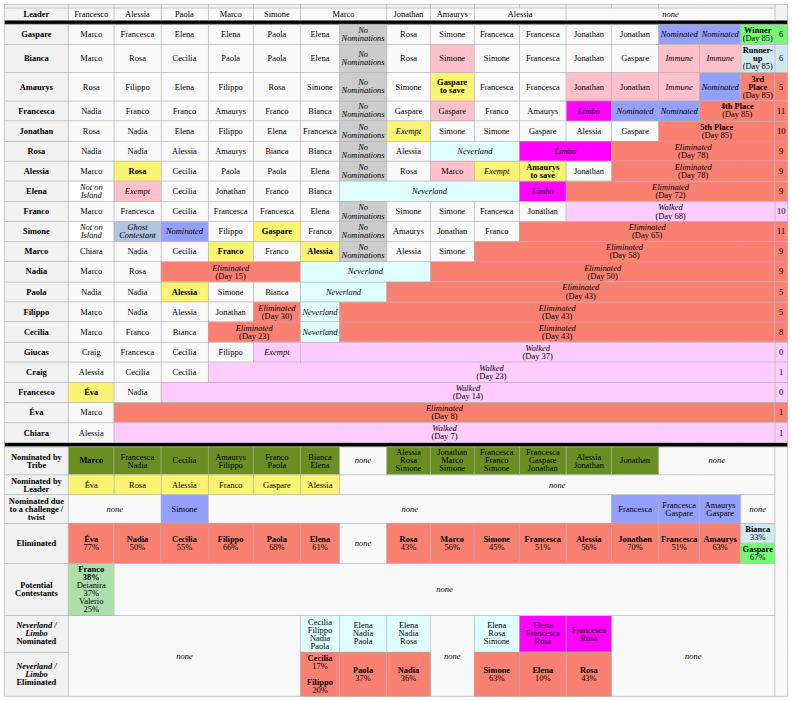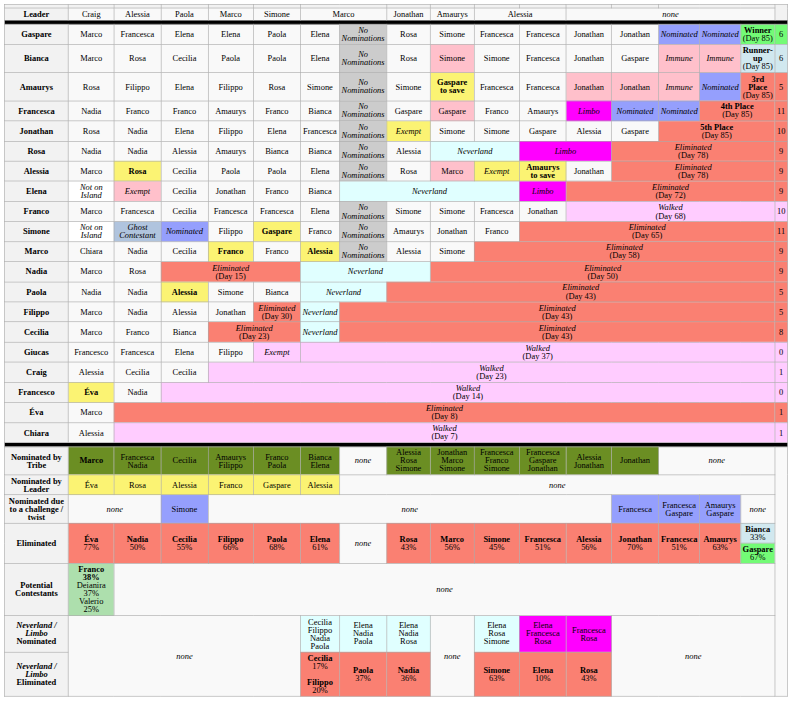 <table class="wikitable" style="font-size:85%; width:100%; text-align:center; margin-left: auto; margin-right: auto;; line-height:13px;">
 <tr>
 <th style="width: 11%;"></th>
 <th style="width: 7%;"></th>
 <th style="width: 7%;"></th>
 <th style="width: 7%;"></th>
 <th style="width: 7%;"></th>
 <th style="width: 7%;"></th>
 <th colspan="2" style="width: 7%;"></th>
 <th style="width: 7%;"></th>
 <th style="width: 7%;"></th>
 <th style="width: 7%;"></th>
 <th style="width: 7%;"></th>
 <th style="width: 7%;"></th>
 <th style="width: 7%;"></th>
 <th colspan="3" style="width: 7%;"></th>
 <th rowspan="2" style="width: 5%;"></th>
 </tr>
 <tr>
 <th>Leader</th>
-<td>Francesco</td>
+<td>Craig</td>
 <td>Alessia</td>
 <td>Paola</td>
 <td>Marco</td>
 <td>Simone</td>
 <td colspan="2">Marco</td>
 <td>Jonathan</td>
 <td>Amaurys</td>
 <td colspan="2">Alessia</td>
 <td colspan="5"><em>none</em></td>
 </tr>
 <tr>
 <th colspan="18" style="background:#000;"></th>
 </tr>
 <tr>
 <th>Gaspare</th>
 <td>Marco</td>
 <td>Francesca</td>
 <td>Elena</td>
 <td>Elena</td>
 <td>Paola</td>
 <td>Elena</td>
 <td style="background:#CCC"><em>No<br>Nominations</em></td>
 <td>Rosa</td>
 <td>Simone</td>
 <td>Francesca</td>
 <td>Francesca</td>
 <td>Jonathan</td>
 <td>Jonathan</td>
 <td style="background:#959FFD"><em>Nominated</em></td>
 <td style="background:#959FFD"><em>Nominated</em></td>
 <td style="background:#73fb76;"><strong>Winner</strong><br>(Day 85)</td>
 <td style="background:#73fb76;">6</td>
 </tr>
 <tr>
 <th>Bianca</th>
 <td>Marco</td>
 <td>Rosa</td>
 <td>Cecilia</td>
 <td>Paola</td>
 <td>Paola</td>
 <td>Elena</td>
 <td style="background:#CCC"><em>No<br>Nominations</em></td>
 <td>Rosa</td>
 <td style="background:pink;">Simone</td>
 <td>Simone</td>
 <td>Francesca</td>
 <td>Jonathan</td>
 <td>Gaspare</td>
 <td style="background:pink;"><em>Immune</em></td>
 <td style="background:pink;"><em>Immune</em></td>
 <td style="background:#d1e8ef;"><strong>Runner-up</strong><br>(Day 85)</td>
 <td style="background:#d1e8ef;">6</td>
 </tr>
 <tr>
 <th>Amaurys</th>
 <td>Rosa</td>
 <td>Filippo</td>
 <td>Elena</td>
 <td>Filippo</td>
 <td>Rosa</td>
 <td>Simone</td>
 <td style="background:#CCC"><em>No<br>Nominations</em></td>
 <td>Simone</td>
 <td style="background:#FBF373"><strong>Gaspare<br>to save</strong></td>
 <td>Francesca</td>
 <td>Francesca</td>
 <td style="background:pink;">Jonathan</td>
 <td style="background:pink;">Jonathan</td>
 <td style="background:pink;"><em>Immune</em></td>
 <td style="background:#959FFD"><em>Nominated</em></td>
 <td style="background:salmon; text-align:center;"><strong>3rd Place</strong><br>(Day 85)</td>
 <td style="background:salmon; text-align:center;">5</td>
 </tr>
 <tr>
 <th>Francesca</th>
 <td>Nadia</td>
 <td>Franco</td>
 <td>Franco</td>
 <td>Amaurys</td>
 <td>Franco</td>
 <td>Bianca</td>
 <td style="background:#CCC"><em>No<br>Nominations</em></td>
 <td>Gaspare</td>
 <td style="background:pink;">Gaspare</td>
 <td>Franco</td>
 <td>Amaurys</td>
 <td style="background:#f0f;"><em>Limbo</em></td>
 <td style="background:#959FFD"><em>Nominated</em></td>
 <td style="background:#959FFD"><em>Nominated</em></td>
 <td style="background:salmon; text-align:center;" colspan="2"><strong>4th Place</strong><br>(Day 85)</td>
 <td style="background:salmon; text-align:center;">11</td>
 </tr>
 <tr>
 <th>Jonathan</th>
 <td>Rosa</td>
 <td>Nadia</td>
 <td>Elena</td>
 <td>Filippo</td>
 <td>Elena</td>
 <td>Francesca</td>
 <td style="background:#CCC"><em>No<br>Nominations</em></td>
 <td style="background:#FBF373"><em>Exempt</em></td>
 <td>Simone</td>
 <td>Simone</td>
 <td>Gaspare</td>
 <td>Alessia</td>
 <td>Gaspare</td>
 <td style="background:salmon; text-align:center;" colspan="3"><strong>5th Place</strong><br>(Day 85)</td>
 <td style="background:salmon; text-align:center;">10</td>
 </tr>
 <tr>
 <th>Rosa</th>
 <td>Nadia</td>
 <td>Nadia</td>
 <td>Alessia</td>
 <td>Amaurys</td>
 <td>Bianca</td>
 <td>Bianca</td>
 <td style="background:#CCC"><em>No<br>Nominations</em></td>
 <td>Alessia</td>
 <td colspan="2" style="background:#E0FFFF"><em>Neverland</em></td>
 <td colspan="2" style="background:#f0f;"><em>Limbo</em></td>
 <td style="background:salmon; text-align:center;" colspan="4"><em>Eliminated</em><br>(Day 78)</td>
 <td style="background:salmon; text-align:center;">9</td>
 </tr>
 <tr>
 <th>Alessia</th>
 <td>Marco</td>
 <td style="background:#FBF373"><strong>Rosa</strong></td>
 <td>Cecilia</td>
 <td>Paola</td>
 <td>Paola</td>
 <td>Elena</td>
 <td style="background:#CCC"><em>No<br>Nominations</em></td>
 <td>Rosa</td>
 <td style="background:pink;">Marco</td>
 <td style="background:#FBF373"><em>Exempt</em></td>
 <td style="background:#FBF373"><strong>Amaurys<br>to save</strong></td>
 <td>Jonathan</td>
 <td style="background:salmon; text-align:center;" colspan="4"><em>Eliminated</em><br>(Day 78)</td>
 <td style="background:salmon; text-align:center;">9</td>
 </tr>
 <tr>
 <th>Elena</th>
 <td style="background: white;"><em>Not on Island</em></td>
 <td style="background:pink;"><em>Exempt</em></td>
 <td>Cecilia</td>
 <td>Jonathan</td>
 <td>Franco</td>
 <td>Bianca</td>
 <td colspan="4" style="background:#E0FFFF"><em>Neverland</em></td>
 <td style="background:#f0f;"><em>Limbo</em></td>
 <td style="background:salmon; text-align:center;" colspan="5"><em>Eliminated</em><br>(Day 72)</td>
 <td style="background:salmon; text-align:center;">9</td>
 </tr>
 <tr>
 <th>Franco</th>
 <td>Marco</td>
 <td>Francesca</td>
 <td>Cecilia</td>
 <td>Francesca</td>
 <td>Francesca</td>
 <td>Elena</td>
 <td style="background:#CCC"><em>No<br>Nominations</em></td>
 <td>Simone</td>
 <td>Simone</td>
 <td>Francesca</td>
 <td>Jonathan</td>
 <td colspan="5" style="background:#fcf;"><em>Walked</em><br>(Day 68)</td>
 <td style="background:#fcf;">10</td>
 </tr>
 <tr>
 <th>Simone</th>
 <td style="background: white;"><em>Not on Island</em></td>
 <td style="background:#B0C4DE"><em>Ghost<br>Contestant</em></td>
 <td style="background:#959FFD"><em>Nominated</em></td>
 <td>Filippo</td>
 <td style="background:#FBF373"><strong>Gaspare</strong></td>
 <td>Franco</td>
 <td style="background:#CCC"><em>No<br>Nominations</em></td>
 <td>Amaurys</td>
 <td>Jonathan</td>
 <td>Franco</td>
 <td style="background:salmon;" colspan="6"><em>Eliminated</em><br>(Day 65)</td>
 <td style="background:salmon;">11</td>
 </tr>
 <tr>
 <th>Marco</th>
 <td>Chiara</td>
 <td>Nadia</td>
 <td>Cecilia</td>
 <td style="background:#FBF373"><strong>Franco</strong></td>
 <td>Franco</td>
 <td style="background:#FBF373"><strong>Alessia</strong></td>
 <td style="background:#CCC"><em>No<br>Nominations</em></td>
 <td>Alessia</td>
 <td>Simone</td>
 <td style="background:salmon; text-align:center;" colspan="7"><em>Eliminated</em><br>(Day 58)</td>
 <td style="background:salmon;">9</td>
 </tr>
 <tr>
 <th>Nadia</th>
 <td>Marco</td>
 <td>Rosa</td>
 <td style="background:salmon;" colspan="3"><em>Eliminated</em><br>(Day 15)</td>
 <td style="background:#E0FFFF;" colspan="3"><em>Neverland</em></td>
 <td style="background:salmon;" colspan="8"><em>Eliminated</em><br>(Day 50)</td>
 <td style="background:salmon;">9</td>
 </tr>
 <tr>
 <th>Paola</th>
 <td>Nadia</td>
 <td>Nadia</td>
 <td style="background:#FBF373"><strong>Alessia</strong></td>
 <td>Simone</td>
 <td>Bianca</td>
 <td style="background:#E0FFFF; text-align:center" colspan="2"><em>Neverland</em></td>
 <td style="background:salmon;" colspan="9"><em>Eliminated</em><br>(Day 43)</td>
 <td style="background:salmon;">5</td>
 </tr>
 <tr>
 <th>Filippo</th>
 <td>Marco</td>
 <td>Nadia</td>
 <td>Alessia</td>
 <td>Jonathan</td>
 <td style="background:salmon; text-align:center;"><em>Eliminated</em><br>(Day 30)</td>
 <td style="background:#E0FFFF"><em>Neverland</em></td>
 <td style="background:salmon;" colspan="10"><em>Eliminated</em><br>(Day 43)</td>
 <td style="background:salmon;">5</td>
 </tr>
 <tr>
 <th>Cecilia</th>
 <td>Marco</td>
 <td>Franco</td>
 <td>Bianca</td>
 <td style="background:salmon; text-align:center;" colspan="2"><em>Eliminated</em><br>(Day 23)</td>
 <td style="background:#E0FFFF"><em>Neverland</em></td>
 <td style="background:salmon;" colspan="10"><em>Eliminated</em><br>(Day 43)</td>
 <td style="background:salmon;">8</td>
 </tr>
 <tr>
 <th>Giucas</th>
-<td>Craig</td>
+<td>Francesco</td>
 <td>Francesca</td>
-<td>Cecilia</td>
+<td>Elena</td>
 <td>Filippo</td>
 <td style="background:#fcf;"><em>Exempt</em></td>
 <td colspan="11" style="background:#fcf;"><em>Walked</em><br>(Day 37)</td>
 <td style="background:#fcf;">0</td>
 </tr>
 <tr>
 <th>Craig</th>
 <td>Alessia</td>
 <td>Cecilia</td>
 <td>Cecilia</td>
 <td colspan="13" style="background:#fcf;"><em>Walked</em><br>(Day 23)</td>
 <td style="background:#fcf;">1</td>
 </tr>
 <tr>
 <th>Francesco</th>
 <td style="background:#FBF373"><strong>Éva</strong></td>
 <td>Nadia</td>
 <td colspan="14" style="background:#fcf;"><em>Walked</em><br>(Day 14)</td>
 <td style="background:#fcf;">0</td>
 </tr>
 <tr>
 <th>Éva</th>
 <td>Marco</td>
 <td colspan="15" style="background:salmon;"><em>Eliminated</em><br>(Day 8)</td>
 <td style="background:salmon;">1</td>
 </tr>
 <tr>
 <th>Chiara</th>
 <td>Alessia</td>
 <td colspan="15" style="background:#fcf;"><em>Walked</em><br>(Day 7)</td>
 <td style="background:#fcf;">1</td>
 </tr>
 <tr>
 <th colspan="18" style="background:#000;"></th>
 </tr>
 <tr>
 <th>Nominated by Tribe</th>
 <td style="background:#6B8E23;"><strong>Marco</strong></td>
 <td style="background:#6B8E23;">Francesca<br>Nadia</td>
 <td style="background:#6B8E23;">Cecilia</td>
 <td style="background:#6B8E23;">Amaurys<br>Filippo</td>
 <td style="background:#6B8E23;">Franco<br>Paola</td>
 <td style="background:#6B8E23;">Bianca<br>Elena</td>
 <td><em>none</em></td>
 <td style="background:#6B8E23;">Alessia<br>Rosa<br>Simone</td>
 <td style="background:#6B8E23;">Jonathan<br>Marco<br>Simone</td>
 <td style="background:#6B8E23;">Francesca<br>Franco<br>Simone</td>
 <td style="background:#6B8E23;">Francesca<br>Gaspare<br>Jonathan</td>
 <td style="background:#6B8E23;">Alessia<br>Jonathan</td>
 <td style="background:#6B8E23;">Jonathan</td>
 <td colspan="3"><em>none</em></td>
 </tr>
 <tr>
 <th>Nominated by Leader</th>
 <td style="background:#FBF373;">Éva</td>
 <td style="background:#FBF373;">Rosa</td>
 <td style="background:#FBF373;">Alessia</td>
 <td style="background:#FBF373;">Franco</td>
 <td style="background:#FBF373;">Gaspare</td>
 <td style="background:#FBF373;">Alessia</td>
 <td colspan="10"><em>none</em></td>
 </tr>
 <tr>
 <th>Nominated due to a challenge / twist</th>
 <td colspan="2"><em>none</em></td>
 <td style="background:#959FFD">Simone</td>
 <td colspan="9"><em>none</em></td>
 <td style="background:#959FFD">Francesca</td>
 <td style="background:#959FFD">Francesca<br>Gaspare</td>
 <td style="background:#959FFD">Amaurys<br>Gaspare</td>
 <td><em>none</em></td>
 </tr>
 <tr>
 <th rowspan="2">Eliminated</th>
 <td rowspan="2" style="background:salmon;"><strong>Éva</strong><br>77%</td>
 <td rowspan="2" style="background:salmon;"><strong>Nadia</strong><br>50%</td>
 <td rowspan="2" style="background:salmon;"><strong>Cecilia</strong><br>55%</td>
 <td rowspan="2" style="background:salmon;"><strong>Filippo</strong><br>66%</td>
 <td rowspan="2" style="background:salmon;"><strong>Paola</strong><br>68%</td>
 <td rowspan="2" style="background:salmon;"><strong>Elena</strong><br>61%</td>
 <td rowspan="2"><em>none</em></td>
 <td rowspan="2" style="background:salmon;"><strong>Rosa</strong><br>43%</td>
 <td rowspan="2" style="background:salmon;"><strong>Marco</strong><br>56%</td>
 <td rowspan="2" style="background:salmon;"><strong>Simone</strong><br>45%</td>
 <td rowspan="2" style="background:salmon;"><strong>Francesca</strong><br>51%</td>
 <td rowspan="2" style="background:salmon;"><strong>Alessia</strong><br>56%</td>
 <td rowspan="2" style="background:salmon;"><strong>Jonathan</strong><br>70%</td>
 <td rowspan="2" style="background:salmon;"><strong>Francesca</strong><br>51%</td>
 <td rowspan="2" style="background:salmon;"><strong>Amaurys</strong><br>63%</td>
 <td style="background: #D1E8EF;"><strong>Bianca</strong><br>33%<br></td>
 </tr>
 <tr>
 <td style="background: #73FB76;"><strong>Gaspare</strong><br>67%<br></td>
 </tr>
 <tr>
 <th>Potential Contestants</th>
 <td style="background:#addfad;"><strong>Franco</strong><br><strong>38%</strong><br>Deianira<br>37%<br>Valerio<br>25%</td>
 <td colspan="15"><em>none</em></td>
 </tr>
 <tr>
 <th><em>Neverland / Limbo</em><br>Nominated</th>
 <td colspan="5" rowspan="2"><em>none</em></td>
 <td style="background:#E0FFFF">Cecilia<br>Filippo<br>Nadia<br>Paola</td>
 <td style="background:#E0FFFF">Elena<br>Nadia<br>Paola</td>
 <td style="background:#E0FFFF">Elena<br>Nadia<br>Rosa</td>
 <td rowspan="2"><em>none</em></td>
 <td style="background:#E0FFFF">Elena<br>Rosa<br>Simone</td>
 <td style="background:#f0f;">Elena<br>Francesca<br>Rosa</td>
 <td style="background:#f0f;">Francesca<br>Rosa</td>
 <td colspan="4" rowspan="2"><em>none</em></td>
 </tr>
 <tr>
 <th><em>Neverland / Limbo</em><br>Eliminated</th>
 <td style="background:salmon;"><strong>Cecilia</strong><br>17%<br><br><strong>Filippo</strong><br>20%<br></td>
 <td style="background:salmon;"><strong>Paola</strong><br>37%<br></td>
 <td style="background:salmon;"><strong>Nadia</strong><br>36%<br></td>
 <td style="background:salmon;"><strong>Simone</strong><br>63%<br></td>
 <td style="background:salmon;"><strong>Elena</strong><br>10%<br></td>
 <td style="background:salmon;"><strong>Rosa</strong><br>43%<br></td>
 </tr>
 </table>
